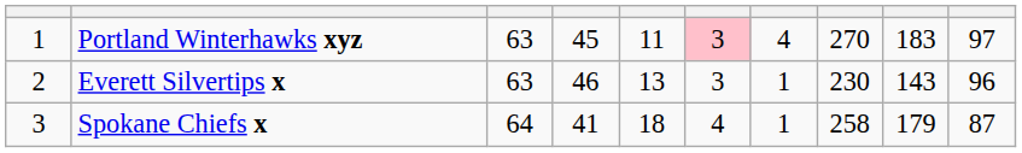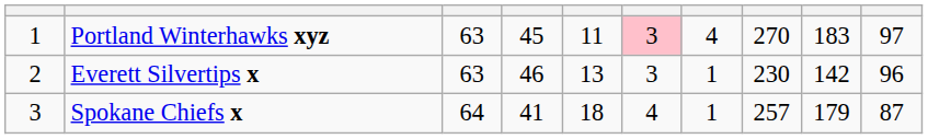 <table class="wikitable sortable">
 <tr>
 <th style="width:2em"></th>
 <th style="width:15em;" class="unsortable"></th>
 <th style="width:2em;"></th>
 <th style="width:2em;"></th>
 <th style="width:2em;"></th>
 <th style="width:2em;"></th>
 <th style="width:2em;"></th>
 <th style="width:2em;"></th>
 <th style="width:2em;"></th>
 <th style="width:2em;"></th>
 </tr>
 <tr style="font-weight: ; text-align: center;">
 <td>1</td>
 <td style="text-align:left;"><a href='#'>Portland Winterhawks</a> <strong>xyz</strong></td>
 <td>63</td>
 <td>45</td>
 <td>11</td>
 <td style="background: pink;">3</td>
 <td>4</td>
 <td>270</td>
 <td>183</td>
 <td>97</td>
 </tr>
 <tr style="font-weight: ; text-align: center;">
 <td>2</td>
 <td style="text-align:left;"><a href='#'>Everett Silvertips</a> <strong>x</strong></td>
 <td>63</td>
 <td>46</td>
 <td>13</td>
 <td>3</td>
 <td>1</td>
 <td>230</td>
-<td>143</td>
+<td>142</td>
 <td>96</td>
 </tr>
 <tr style="font-weight: ; text-align: center;">
 <td>3</td>
 <td style="text-align:left;"><a href='#'>Spokane Chiefs</a> <strong>x</strong></td>
 <td>64</td>
 <td>41</td>
 <td>18</td>
 <td>4</td>
 <td>1</td>
-<td>258</td>
+<td>257</td>
 <td>179</td>
 <td>87</td>
 </tr>
 </table>
